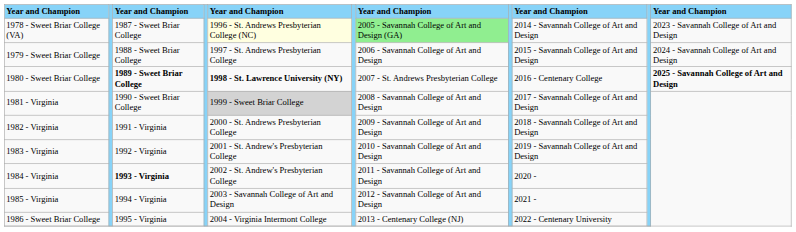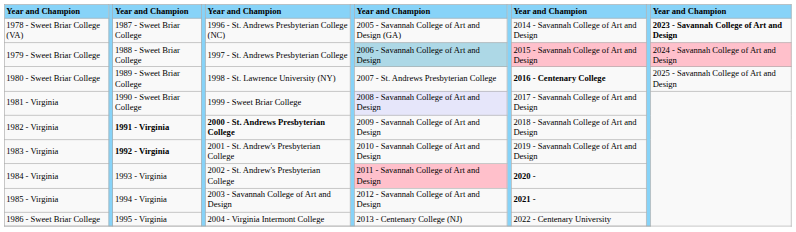 <table class="wikitable" style="font-size:85%;">
 <tr ! style="background-color: #87D3F8;">
 <td><strong>Year and Champion</strong></td>
 <td rowspan=10></td>
 <td><strong>Year and Champion</strong></td>
 <td rowspan=10></td>
 <td><strong>Year and Champion</strong></td>
 <td rowspan=10></td>
 <td><strong>Year and Champion</strong></td>
 <td rowspan=10></td>
 <td><strong>Year and Champion</strong></td>
 <td rowspan=10></td>
 <td><strong>Year and Champion</strong></td>
 </tr>
 <tr --->
 <td>1978 - Sweet Briar College (VA)</td>
 <td>1987 - Sweet Briar College</td>
-<td style="background: lightyellow;">1996 - St. Andrews Presbyterian College (NC)</td>
-<td style="background: lightgreen;">2005 - Savannah College of Art and Design (GA)</td>
+<td>1996 - St. Andrews Presbyterian College (NC)</td>
+<td>2005 - Savannah College of Art and Design (GA)</td>
 <td>2014 - Savannah College of Art and Design</td>
-<td>2023 - Savannah College of Art and Design</td>
+<td><strong>2023 - Savannah College of Art and Design</strong></td>
 </tr>
 <tr --->
 <td>1979 - Sweet Briar College</td>
 <td>1988 - Sweet Briar College</td>
 <td>1997 - St. Andrews Presbyterian College</td>
-<td>2006 - Savannah College of Art and Design</td>
-<td>2015 - Savannah College of Art and Design</td>
-<td>2024 - Savannah College of Art and Design</td>
+<td style="background: lightblue;">2006 - Savannah College of Art and Design</td>
+<td style="background: pink;">2015 - Savannah College of Art and Design</td>
+<td style="background: pink;">2024 - Savannah College of Art and Design</td>
 </tr>
 <tr --->
 <td>1980 - Sweet Briar College</td>
-<td><strong>1989 - Sweet Briar College</strong></td>
-<td><strong>1998 - St. Lawrence University (NY)</strong></td>
+<td>1989 - Sweet Briar College</td>
+<td>1998 - St. Lawrence University (NY)</td>
 <td>2007 - St. Andrews Presbyterian College</td>
-<td>2016 - Centenary College</td>
-<td><strong>2025 - Savannah College of Art and Design</strong></td>
+<td><strong>2016 - Centenary College</strong></td>
+<td>2025 - Savannah College of Art and Design</td>
 </tr>
 <tr --->
 <td>1981 - Virginia</td>
 <td>1990 - Sweet Briar College</td>
-<td style="background: lightgrey;">1999 - Sweet Briar College</td>
-<td>2008 - Savannah College of Art and Design</td>
+<td>1999 - Sweet Briar College</td>
+<td style="background: lavender;">2008 - Savannah College of Art and Design</td>
 <td>2017 - Savannah College of Art and Design</td>
 </tr>
 <tr --->
 <td>1982 - Virginia</td>
-<td>1991 - Virginia</td>
-<td>2000 - St. Andrews Presbyterian College</td>
+<td><strong>1991 - Virginia</strong></td>
+<td><strong>2000 - St. Andrews Presbyterian College</strong></td>
 <td>2009 - Savannah College of Art and Design</td>
 <td>2018 - Savannah College of Art and Design</td>
 </tr>
 <tr --->
 <td>1983 - Virginia</td>
-<td>1992 - Virginia</td>
+<td><strong>1992 - Virginia</strong></td>
 <td>2001 - St. Andrew's Presbyterian College</td>
 <td>2010 - Savannah College of Art and Design</td>
 <td>2019 - Savannah College of Art and Design</td>
 </tr>
 <tr --->
 <td>1984 - Virginia</td>
-<td><strong>1993 - Virginia</strong></td>
+<td>1993 - Virginia</td>
 <td>2002 - St. Andrew's Presbyterian College</td>
-<td>2011 - Savannah College of Art and Design</td>
-<td>2020 -</td>
+<td style="background: pink;">2011 - Savannah College of Art and Design</td>
+<td><strong>2020 -</strong></td>
 </tr>
 <tr --->
 <td>1985 - Virginia</td>
 <td>1994 - Virginia</td>
 <td>2003 - Savannah College of Art and Design</td>
 <td>2012 - Savannah College of Art and Design</td>
-<td>2021 -</td>
+<td><strong>2021 -</strong></td>
 </tr>
 <tr --->
 <td>1986 - Sweet Briar College</td>
 <td>1995 - Virginia</td>
 <td>2004 - Virginia Intermont College</td>
 <td>2013 - Centenary College (NJ)</td>
 <td>2022 - Centenary University</td>
 </tr>
 <tr --->
 </tr>
 </table>
